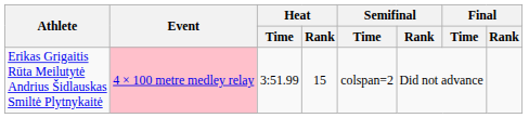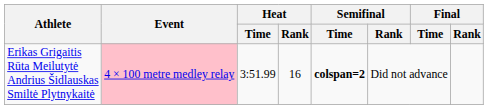 <table class="wikitable" style="font-size:90%;">
 <tr>
 <th rowspan="2">Athlete</th>
 <th rowspan="2">Event</th>
 <th colspan="2">Heat</th>
 <th colspan="2">Semifinal</th>
 <th colspan="2">Final</th>
 </tr>
 <tr>
 <th>Time</th>
 <th>Rank</th>
 <th>Time</th>
 <th>Rank</th>
 <th>Time</th>
 <th>Rank</th>
 </tr>
 <tr align=center>
 <td align=left><a href='#'>Erikas Grigaitis</a><br><a href='#'>Rūta Meilutytė</a><br><a href='#'>Andrius Šidlauskas</a><br><a href='#'>Smiltė Plytnykaitė</a></td>
 <td align=left style="background: pink;"><a href='#'>4 × 100 metre medley relay</a></td>
 <td>3:51.99</td>
-<td>15</td>
-<td>colspan=2</td>
+<td>16</td>
+<td><strong>colspan=2</strong></td>
 <td colspan=2>Did not advance</td>
 </tr>
 </table>
